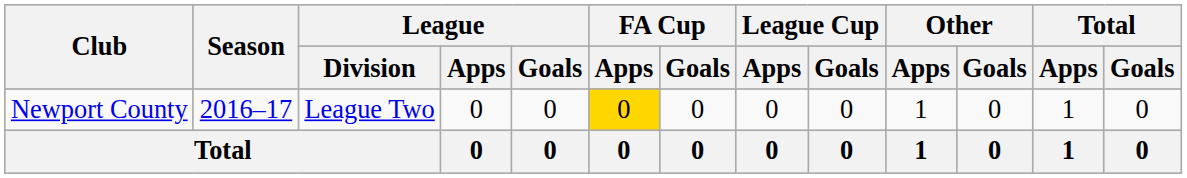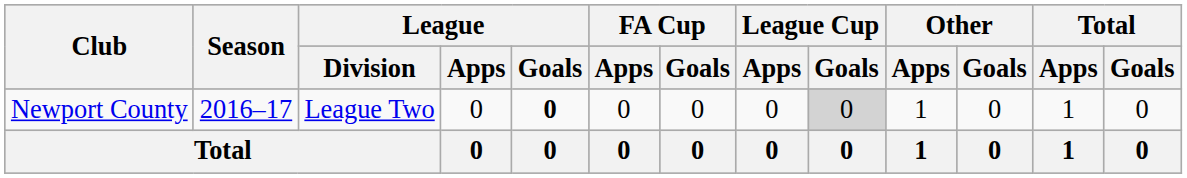 <table class="wikitable" style="text-align:center;">
 <tr>
 <th rowspan="2">Club</th>
 <th rowspan="2">Season</th>
 <th colspan="3">League</th>
 <th colspan="2">FA Cup</th>
 <th colspan="2">League Cup</th>
 <th colspan="2">Other</th>
 <th colspan="2">Total</th>
 </tr>
 <tr>
 <th>Division</th>
 <th>Apps</th>
 <th>Goals</th>
 <th>Apps</th>
 <th>Goals</th>
 <th>Apps</th>
 <th>Goals</th>
 <th>Apps</th>
 <th>Goals</th>
 <th>Apps</th>
 <th>Goals</th>
 </tr>
 <tr>
 <td rowspan="1"><a href='#'>Newport County</a></td>
 <td><a href='#'>2016–17</a></td>
 <td><a href='#'>League Two</a></td>
 <td>0</td>
-<td>0</td>
-<td style="background: gold;">0</td>
+<td><strong>0</strong></td>
 <td>0</td>
 <td>0</td>
 <td>0</td>
+<td style="background: lightgrey;">0</td>
 <td>1</td>
 <td>0</td>
 <td>1</td>
 <td>0</td>
 </tr>
 <tr>
 <th colspan="3">Total</th>
 <th>0</th>
 <th>0</th>
 <th>0</th>
 <th>0</th>
 <th>0</th>
 <th>0</th>
 <th>1</th>
 <th>0</th>
 <th>1</th>
 <th>0</th>
 </tr>
 </table>
